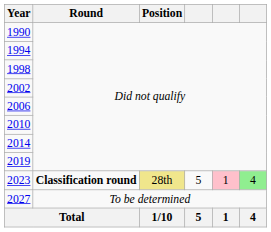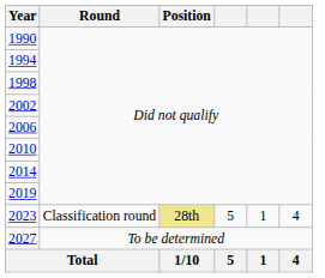 <table class="wikitable" style="text-align:center;">
 <tr>
 <th>Year</th>
 <th>Round</th>
 <th>Position</th>
 <th width=30></th>
 <th width=30></th>
 <th width=30></th>
 </tr>
 <tr>
 <td> <a href='#'>1990</a></td>
 <td colspan=5 rowspan=8><em>Did not qualify</em></td>
 </tr>
 <tr>
 <td> <a href='#'>1994</a></td>
 </tr>
 <tr>
 <td> <a href='#'>1998</a></td>
 </tr>
 <tr>
 <td> <a href='#'>2002</a></td>
 </tr>
 <tr>
 <td> <a href='#'>2006</a></td>
 </tr>
 <tr>
 <td> <a href='#'>2010</a></td>
 </tr>
 <tr>
 <td> <a href='#'>2014</a></td>
 </tr>
 <tr>
 <td> <a href='#'>2019</a></td>
 </tr>
 <tr>
 <td> <a href='#'>2023</a></td>
-<td><strong>Classification round</strong></td>
+<td>Classification round</td>
 <td style="background: khaki;">28th</td>
 <td>5</td>
-<td style="background: pink;">1</td>
-<td style="background: lightgreen;">4</td>
+<td>1</td>
+<td>4</td>
 </tr>
 <tr>
 <td> <a href='#'>2027</a></td>
 <td colspan=5><em>To be determined</em></td>
 </tr>
 <tr>
 <th colspan=2>Total</th>
 <th>1/10</th>
 <th>5</th>
 <th>1</th>
 <th>4</th>
 </tr>
 </table>
